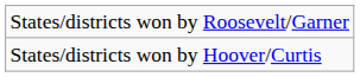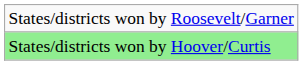 <table class="wikitable">
 <tr>
 <td>States/districts won by <a href='#'>Roosevelt</a>/<a href='#'>Garner</a></td>
 </tr>
 <tr>
-<td>States/districts won by <a href='#'>Hoover</a>/<a href='#'>Curtis</a></td>
+<td style="background: lightgreen;">States/districts won by <a href='#'>Hoover</a>/<a href='#'>Curtis</a></td>
 </tr>
 </table>
